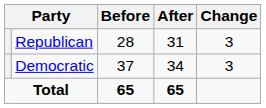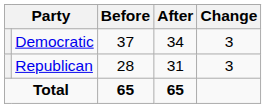 <table class="wikitable" style="text-align:center;">
 <tr>
 </tr>
 <tr>
 <th colspan=2>Party</th>
 <th>Before</th>
 <th>After</th>
 <th>Change</th>
 </tr>
 <tr>
 <th style="background-color:"></th>
-<td style="text-align:left;"><a href='#'>Republican</a></td>
-<td>28</td>
-<td>31</td>
+<td style="text-align:left;"><a href='#'>Democratic</a></td>
+<td>37</td>
+<td>34</td>
 <td> 3</td>
 </tr>
 <tr>
 <th style="background-color:"></th>
-<td style="text-align:left;"><a href='#'>Democratic</a></td>
-<td>37</td>
-<td>34</td>
+<td style="text-align:left;"><a href='#'>Republican</a></td>
+<td>28</td>
+<td>31</td>
 <td> 3</td>
 </tr>
 <tr>
 <td colspan=2><strong>Total</strong></td>
 <td><strong>65</strong></td>
 <td><strong>65</strong></td>
 <td></td>
 </tr>
 </table>
